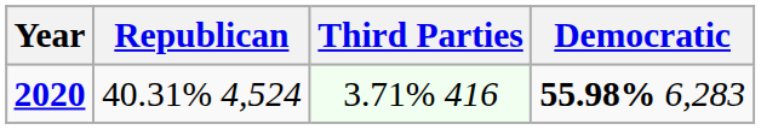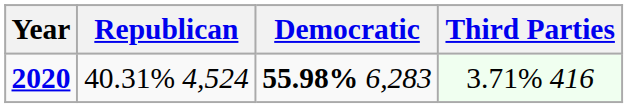 <table class="wikitable" style="float:right; font-size:95%;">
 <tr bgcolor=lightgrey>
 <th>Year</th>
 <th><a href='#'>Republican</a></th>
+<th><a href='#'>Democratic</a></th>
 <th><a href='#'>Third Parties</a></th>
-<th><a href='#'>Democratic</a></th>
 </tr>
 <tr>
 <td style="text-align:center; "><strong><a href='#'>2020</a></strong></td>
 <td style="text-align:center; ">40.31% <em>4,524</em></td>
+<td style="text-align:center; "><strong>55.98%</strong> <em>6,283</em></td>
 <td style="text-align:center; background:honeyDew;">3.71% <em>416</em></td>
-<td style="text-align:center; "><strong>55.98%</strong> <em>6,283</em></td>
 </tr>
 </table>
